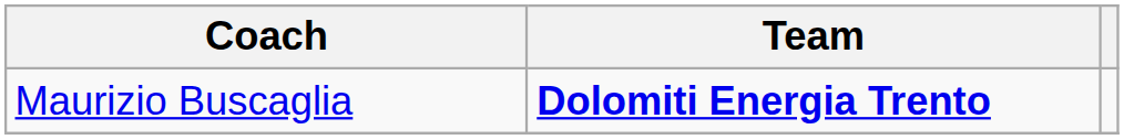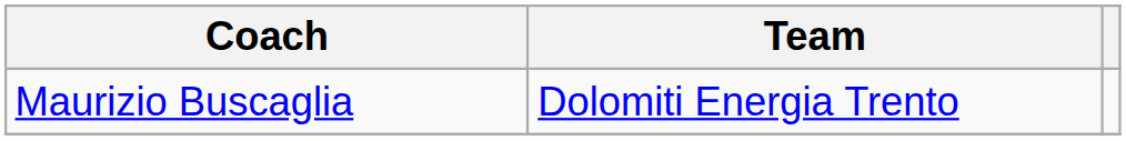 <table class="wikitable" style="text-align: center;">
 <tr>
 <th style="width:200px;">Coach</th>
 <th style="width:220px;">Team</th>
 <th></th>
 </tr>
 <tr>
 <td align="left"> <a href='#'>Maurizio Buscaglia</a></td>
-<td align="left"><strong> <a href='#'>Dolomiti Energia Trento</a></strong></td>
+<td align="left"> <a href='#'>Dolomiti Energia Trento</a></td>
 <td></td>
 </tr>
 <tr>
 </tr>
 </table>
